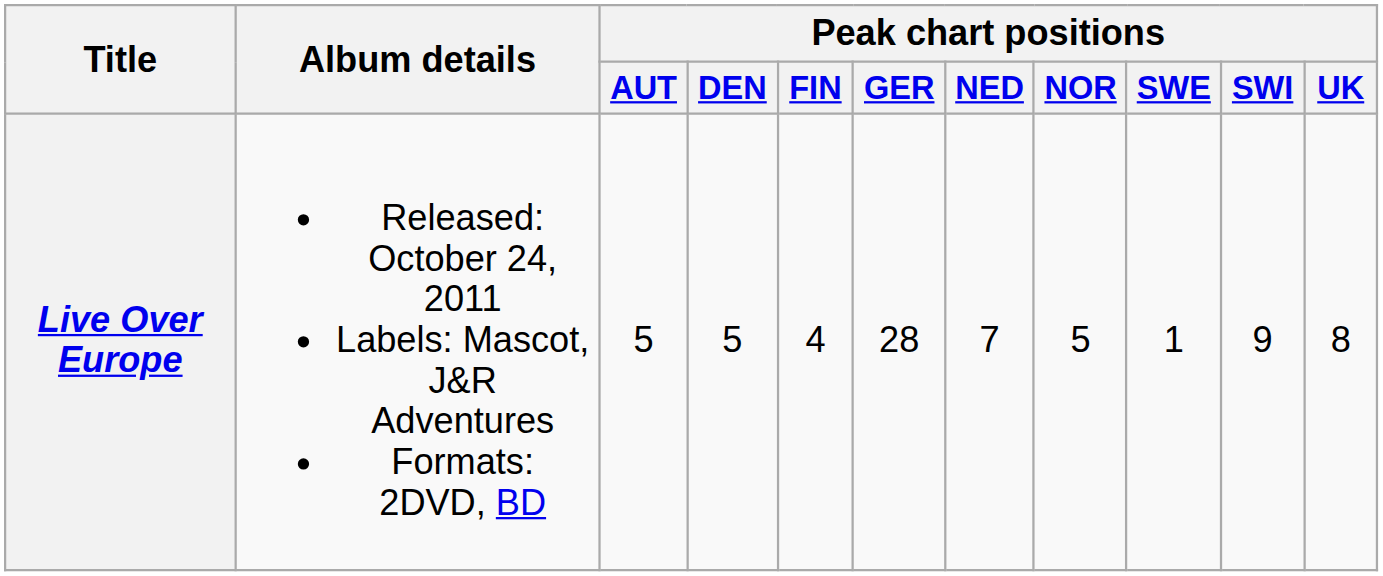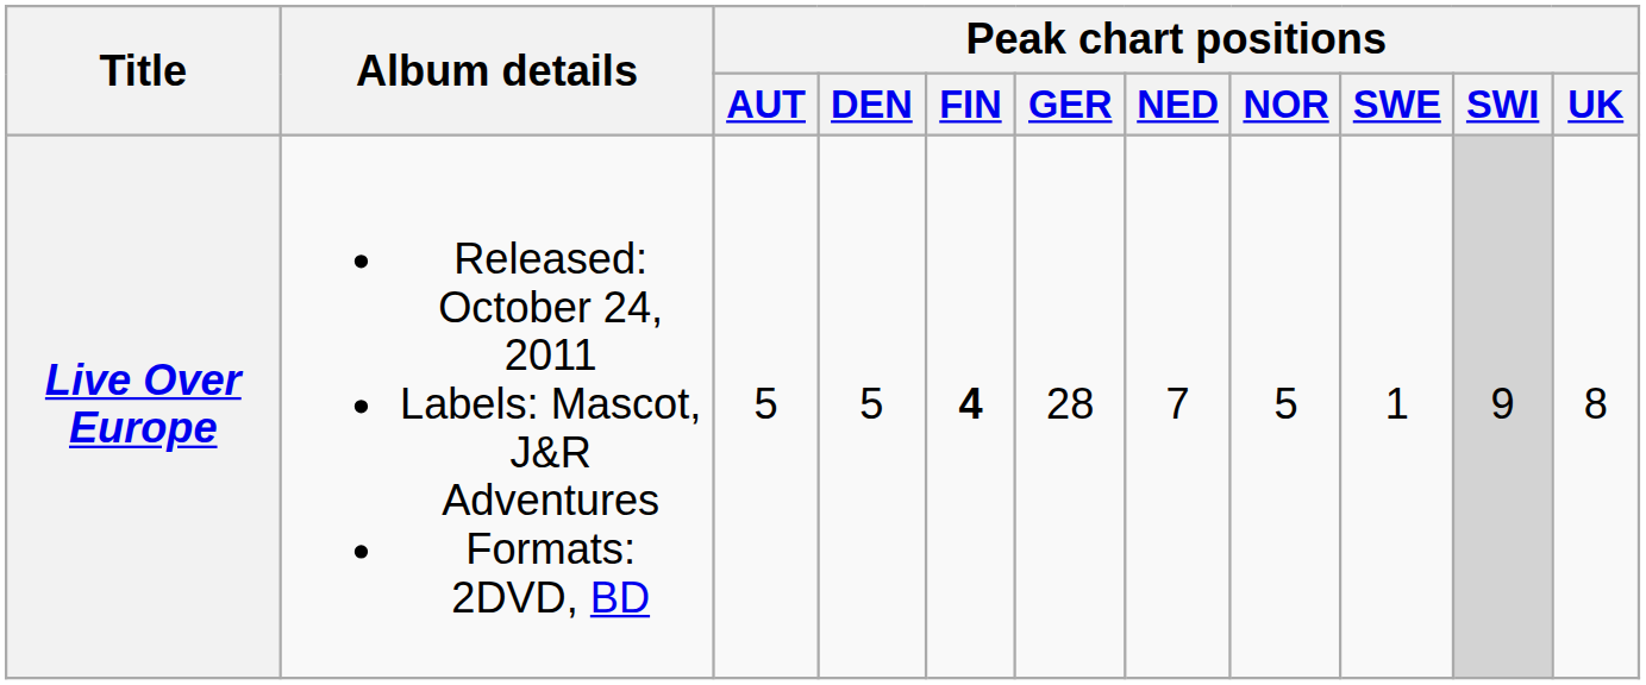 <table class="wikitable plainrowheaders" style="text-align:center;">
 <tr>
 <th scope="col" rowspan="2" style="width:16em;">Title</th>
 <th scope="col" rowspan="2" style="width:18em;">Album details</th>
 <th scope="col" colspan="9">Peak chart positions</th>
 </tr>
 <tr>
 <th scope="col" style="width:3em;font-size:90%;"><a href='#'>AUT</a><br></th>
 <th scope="col" style="width:3em;font-size:90%;"><a href='#'>DEN</a><br></th>
 <th scope="col" style="width:3em;font-size:90%;"><a href='#'>FIN</a><br></th>
 <th scope="col" style="width:3em;font-size:90%;"><a href='#'>GER</a><br></th>
 <th scope="col" style="width:3em;font-size:90%;"><a href='#'>NED</a><br></th>
 <th scope="col" style="width:3em;font-size:90%;"><a href='#'>NOR</a><br></th>
 <th scope="col" style="width:3em;font-size:90%;"><a href='#'>SWE</a><br></th>
 <th scope="col" style="width:3em;font-size:90%;"><a href='#'>SWI</a><br></th>
 <th scope="col" style="width:3em;font-size:90%;"><a href='#'>UK</a><br></th>
 </tr>
 <tr>
 <th scope="row"><em><a href='#'>Live Over Europe</a></em></th>
 <td><br><ul><li>Released: October 24, 2011</li><li>Labels: Mascot, J&R Adventures</li><li>Formats: 2DVD, <a href='#'>BD</a></li></ul></td>
 <td>5</td>
 <td>5</td>
-<td>4</td>
+<td><strong>4</strong></td>
 <td>28</td>
 <td>7</td>
 <td>5</td>
 <td>1</td>
-<td>9</td>
+<td style="background: lightgrey;">9</td>
 <td>8</td>
 </tr>
 </table>
